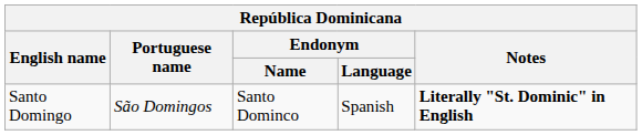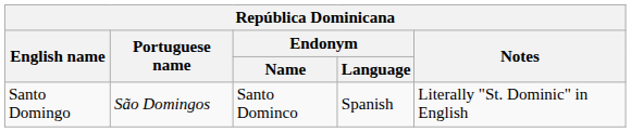 <table class="wikitable sortable">
 <tr>
 <th colspan="5"> República Dominicana</th>
 </tr>
 <tr>
 <th rowspan="2">English name</th>
 <th rowspan="2">Portuguese name</th>
 <th colspan="2">Endonym</th>
 <th rowspan="2">Notes</th>
 </tr>
 <tr>
 <th>Name</th>
 <th>Language</th>
 </tr>
 <tr>
 <td>Santo Domingo</td>
 <td><em>São Domingos</em></td>
 <td>Santo Dominco</td>
 <td>Spanish</td>
-<td><strong>Literally "St. Dominic" in English</strong></td>
+<td>Literally "St. Dominic" in English</td>
 </tr>
 </table>
